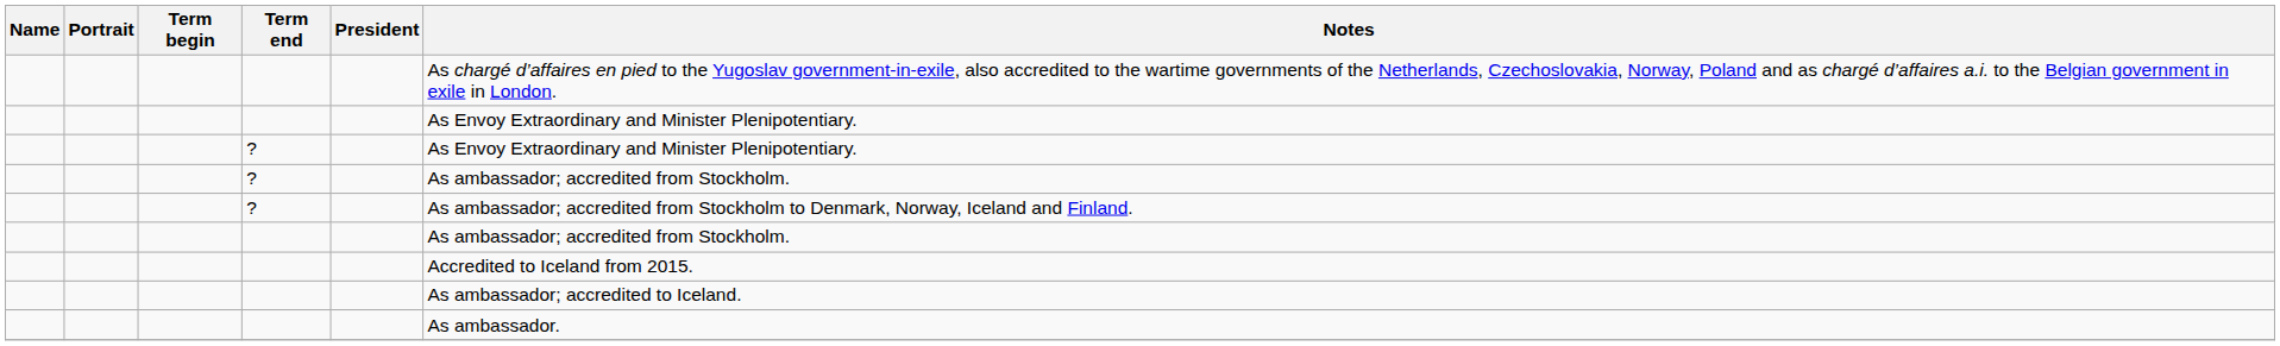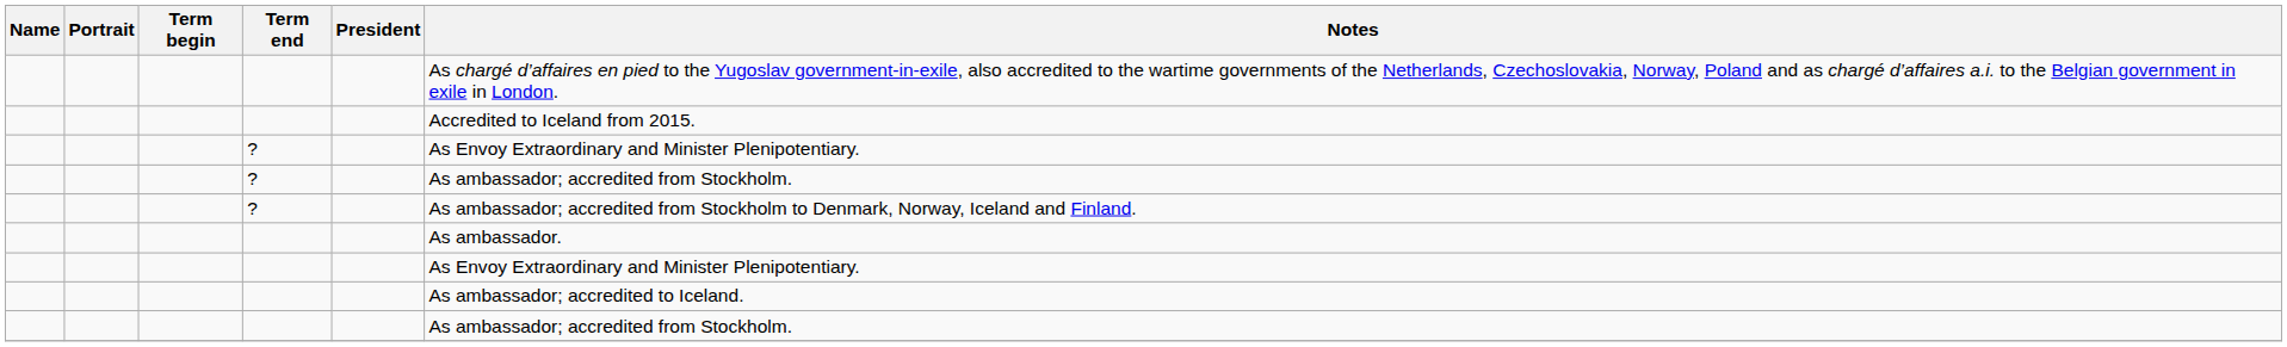 <table class="wikitable sortable"  text-align:center;">
 <tr>
 <th>Name</th>
 <th class="unsortable">Portrait</th>
 <th>Term begin</th>
 <th>Term end</th>
 <th>President</th>
 <th class="unsortable">Notes</th>
 </tr>
 <tr>
 <td></td>
 <td></td>
 <td></td>
 <td></td>
 <td></td>
 <td>As <em>chargé d’affaires en pied</em> to the <a href='#'>Yugoslav government-in-exile</a>, also accredited to the wartime governments of the <a href='#'>Netherlands</a>, <a href='#'>Czechoslovakia</a>, <a href='#'>Norway</a>, <a href='#'>Poland</a> and as <em>chargé d’affaires a.i.</em> to the <a href='#'>Belgian government in exile</a> in <a href='#'>London</a>.</td>
 </tr>
 <tr>
 <td></td>
 <td></td>
 <td></td>
 <td></td>
 <td></td>
-<td>As Envoy Extraordinary and Minister Plenipotentiary.</td>
+<td>Accredited to Iceland from 2015.</td>
 </tr>
 <tr>
 <td></td>
 <td></td>
 <td></td>
 <td>?</td>
 <td></td>
 <td>As Envoy Extraordinary and Minister Plenipotentiary.</td>
 </tr>
 <tr>
 <td></td>
 <td></td>
 <td></td>
 <td>?</td>
 <td></td>
 <td>As ambassador; accredited from Stockholm.</td>
 </tr>
 <tr>
 <td></td>
 <td></td>
 <td></td>
 <td>?</td>
 <td></td>
 <td>As ambassador; accredited from Stockholm to Denmark, Norway, Iceland and <a href='#'>Finland</a>.</td>
 </tr>
 <tr>
 <td></td>
 <td></td>
 <td></td>
 <td></td>
 <td></td>
-<td>As ambassador; accredited from Stockholm.</td>
+<td>As ambassador.</td>
 </tr>
 <tr>
 <td></td>
 <td></td>
 <td></td>
 <td></td>
 <td></td>
-<td>Accredited to Iceland from 2015.</td>
+<td>As Envoy Extraordinary and Minister Plenipotentiary.</td>
 </tr>
 <tr>
 <td></td>
 <td></td>
 <td></td>
 <td></td>
 <td></td>
 <td>As ambassador; accredited to Iceland.</td>
 </tr>
 <tr>
 <td></td>
 <td></td>
 <td></td>
 <td></td>
 <td></td>
-<td>As ambassador.</td>
+<td>As ambassador; accredited from Stockholm.</td>
 </tr>
 <tr>
 </tr>
 </table>
